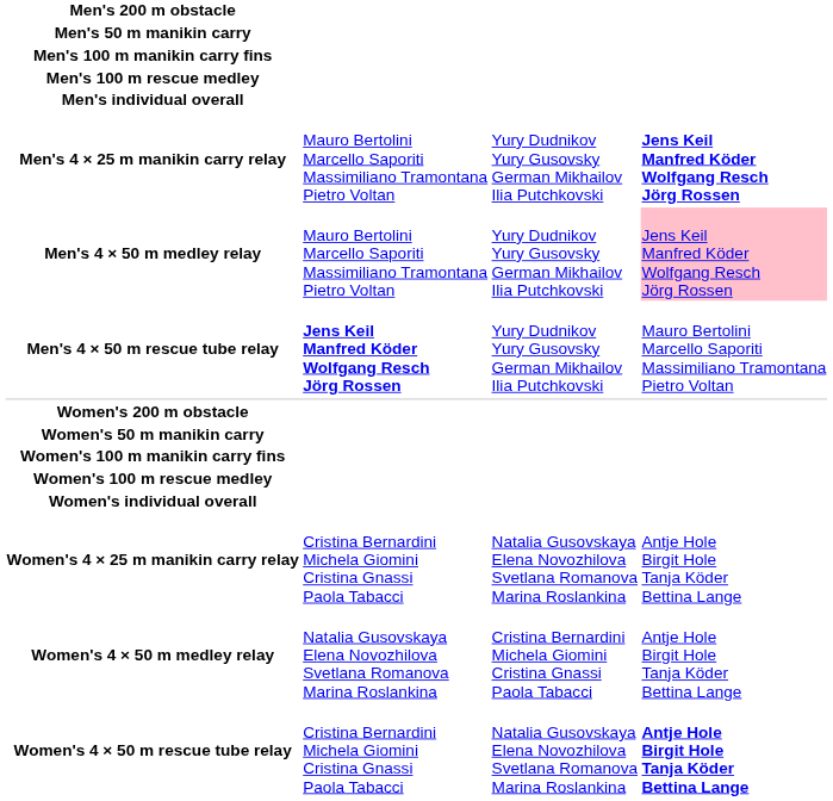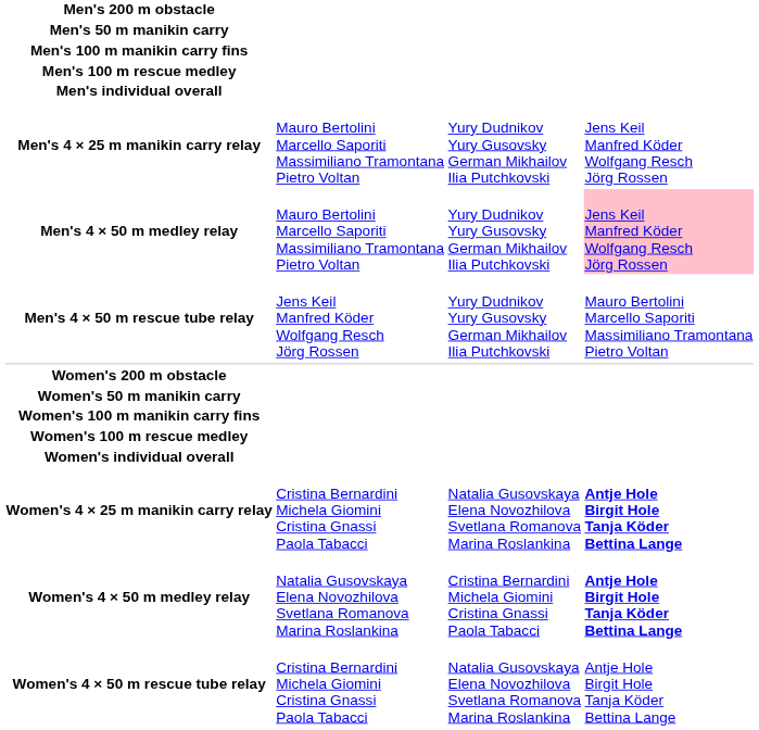 <table>
 <tr>
 <th scope="row">Men's 200 m obstacle</th>
 <td></td>
 <td></td>
 <td></td>
 </tr>
 <tr>
 <th scope="row">Men's 50 m manikin carry</th>
 <td></td>
 <td></td>
 <td></td>
 </tr>
 <tr>
 <th scope="row">Men's 100 m manikin carry fins</th>
 <td></td>
 <td></td>
 <td></td>
 </tr>
 <tr>
 <th scope="row">Men's 100 m rescue medley</th>
 <td></td>
 <td></td>
 <td></td>
 </tr>
 <tr>
 <th scope="row">Men's individual overall</th>
 <td></td>
 <td></td>
 <td></td>
 </tr>
 <tr>
 <th scope="row">Men's 4 × 25 m manikin carry relay</th>
 <td><br><a href='#'>Mauro Bertolini</a><br><a href='#'>Marcello Saporiti</a><br><a href='#'>Massimiliano Tramontana</a><br><a href='#'>Pietro Voltan</a></td>
 <td><br><a href='#'>Yury Dudnikov</a><br><a href='#'>Yury Gusovsky</a><br><a href='#'>German Mikhailov</a><br><a href='#'>Ilia Putchkovski</a></td>
-<td><strong><br><a href='#'>Jens Keil</a><br><a href='#'>Manfred Köder</a><br><a href='#'>Wolfgang Resch</a><br><a href='#'>Jörg Rossen</a></strong></td>
+<td><br><a href='#'>Jens Keil</a><br><a href='#'>Manfred Köder</a><br><a href='#'>Wolfgang Resch</a><br><a href='#'>Jörg Rossen</a></td>
 </tr>
 <tr>
 <th scope="row">Men's 4 × 50 m medley relay</th>
 <td><br><a href='#'>Mauro Bertolini</a><br><a href='#'>Marcello Saporiti</a><br><a href='#'>Massimiliano Tramontana</a><br><a href='#'>Pietro Voltan</a></td>
 <td><br><a href='#'>Yury Dudnikov</a><br><a href='#'>Yury Gusovsky</a><br><a href='#'>German Mikhailov</a><br><a href='#'>Ilia Putchkovski</a></td>
 <td style="background: pink;"><br><a href='#'>Jens Keil</a><br><a href='#'>Manfred Köder</a><br><a href='#'>Wolfgang Resch</a><br><a href='#'>Jörg Rossen</a></td>
 </tr>
 <tr>
 <th scope="row">Men's 4 × 50 m rescue tube relay</th>
-<td><strong><br><a href='#'>Jens Keil</a><br><a href='#'>Manfred Köder</a><br><a href='#'>Wolfgang Resch</a><br><a href='#'>Jörg Rossen</a></strong></td>
+<td><br><a href='#'>Jens Keil</a><br><a href='#'>Manfred Köder</a><br><a href='#'>Wolfgang Resch</a><br><a href='#'>Jörg Rossen</a></td>
 <td><br><a href='#'>Yury Dudnikov</a><br><a href='#'>Yury Gusovsky</a><br><a href='#'>German Mikhailov</a><br><a href='#'>Ilia Putchkovski</a></td>
 <td><br><a href='#'>Mauro Bertolini</a><br><a href='#'>Marcello Saporiti</a><br><a href='#'>Massimiliano Tramontana</a><br><a href='#'>Pietro Voltan</a></td>
 </tr>
 <tr bgcolor=#DDDDDD>
 <td colspan=4></td>
 </tr>
 <tr>
 <th scope="row">Women's 200 m obstacle</th>
 <td></td>
 <td></td>
 <td></td>
 </tr>
 <tr>
 <th scope="row">Women's 50 m manikin carry</th>
 <td></td>
 <td></td>
 <td></td>
 </tr>
 <tr>
 <th scope="row">Women's 100 m manikin carry fins</th>
 <td></td>
 <td></td>
 <td></td>
 </tr>
 <tr>
 <th scope="row">Women's 100 m rescue medley</th>
 <td></td>
 <td></td>
 <td></td>
 </tr>
 <tr>
 <th scope="row">Women's individual overall</th>
 <td></td>
 <td></td>
 <td></td>
 </tr>
 <tr>
 <th scope="row">Women's 4 × 25 m manikin carry relay</th>
 <td><br><a href='#'>Cristina Bernardini</a><br><a href='#'>Michela Giomini</a><br><a href='#'>Cristina Gnassi</a><br><a href='#'>Paola Tabacci</a></td>
 <td><br><a href='#'>Natalia Gusovskaya</a><br><a href='#'>Elena Novozhilova</a><br><a href='#'>Svetlana Romanova</a><br><a href='#'>Marina Roslankina</a></td>
-<td><br><a href='#'>Antje Hole</a><br><a href='#'>Birgit Hole</a><br><a href='#'>Tanja Köder</a><br><a href='#'>Bettina Lange</a></td>
+<td><strong><br><a href='#'>Antje Hole</a><br><a href='#'>Birgit Hole</a><br><a href='#'>Tanja Köder</a><br><a href='#'>Bettina Lange</a></strong></td>
 </tr>
 <tr>
 <th scope="row">Women's 4 × 50 m medley relay</th>
 <td><br><a href='#'>Natalia Gusovskaya</a><br><a href='#'>Elena Novozhilova</a><br><a href='#'>Svetlana Romanova</a><br><a href='#'>Marina Roslankina</a></td>
 <td><br><a href='#'>Cristina Bernardini</a><br><a href='#'>Michela Giomini</a><br><a href='#'>Cristina Gnassi</a><br><a href='#'>Paola Tabacci</a></td>
-<td><br><a href='#'>Antje Hole</a><br><a href='#'>Birgit Hole</a><br><a href='#'>Tanja Köder</a><br><a href='#'>Bettina Lange</a></td>
+<td><strong><br><a href='#'>Antje Hole</a><br><a href='#'>Birgit Hole</a><br><a href='#'>Tanja Köder</a><br><a href='#'>Bettina Lange</a></strong></td>
 </tr>
 <tr>
 <th scope="row">Women's 4 × 50 m rescue tube relay</th>
 <td><br><a href='#'>Cristina Bernardini</a><br><a href='#'>Michela Giomini</a><br><a href='#'>Cristina Gnassi</a><br><a href='#'>Paola Tabacci</a></td>
 <td><br><a href='#'>Natalia Gusovskaya</a><br><a href='#'>Elena Novozhilova</a><br><a href='#'>Svetlana Romanova</a><br><a href='#'>Marina Roslankina</a></td>
-<td><strong><br><a href='#'>Antje Hole</a><br><a href='#'>Birgit Hole</a><br><a href='#'>Tanja Köder</a><br><a href='#'>Bettina Lange</a></strong></td>
+<td><br><a href='#'>Antje Hole</a><br><a href='#'>Birgit Hole</a><br><a href='#'>Tanja Köder</a><br><a href='#'>Bettina Lange</a></td>
 </tr>
 </table>
